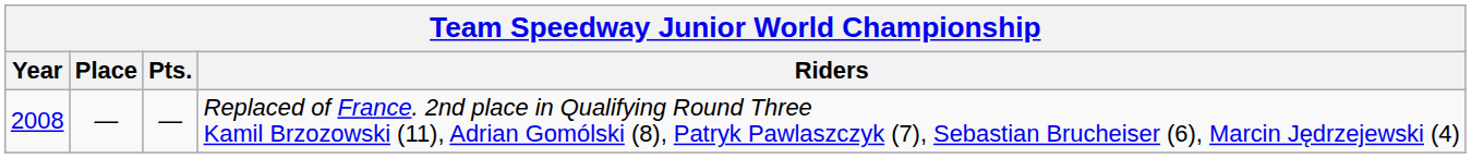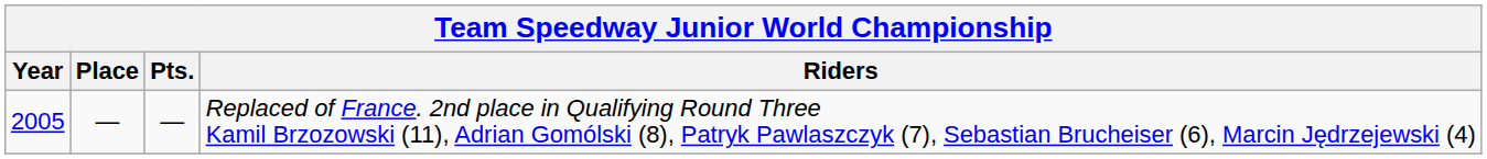 <table class=wikitable style="font-size: 90%;">
 <tr>
 <th colspan=4><big><a href='#'>Team Speedway Junior World Championship</a></big></th>
 </tr>
 <tr>
 <th>Year</th>
 <th>Place</th>
 <th>Pts.</th>
 <th>Riders</th>
 </tr>
 <tr align=center>
-<td><a href='#'>2008</a></td>
+<td><a href='#'>2005</a></td>
 <td>—</td>
 <td>—</td>
 <td align=left><em>Replaced of <a href='#'>France</a>. 2nd place in Qualifying Round Three</em> <br> <a href='#'>Kamil Brzozowski</a> (11), <a href='#'>Adrian Gomólski</a> (8), <a href='#'>Patryk Pawlaszczyk</a> (7), <a href='#'>Sebastian Brucheiser</a> (6), <a href='#'>Marcin Jędrzejewski</a> (4)</td>
 </tr>
 </table>
